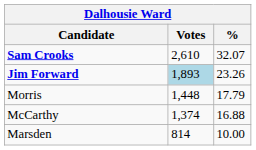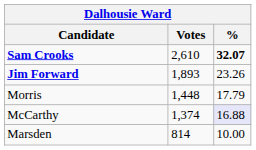 <table class="wikitable">
 <tr>
 <th colspan="3"><a href='#'>Dalhousie Ward</a></th>
 </tr>
 <tr>
 <th style="width: 200px">Candidate</th>
 <th style="width: 50px">Votes</th>
 <th style="width: 40px">%</th>
 </tr>
 <tr>
 <td><strong><a href='#'>Sam Crooks</a></strong></td>
 <td>2,610</td>
-<td>32.07</td>
+<td><strong>32.07</strong></td>
 </tr>
 <tr>
 <td><strong><a href='#'>Jim Forward</a></strong></td>
-<td style="background: lightblue;">1,893</td>
+<td>1,893</td>
 <td>23.26</td>
 </tr>
 <tr>
 <td>Morris</td>
 <td>1,448</td>
 <td>17.79</td>
 </tr>
 <tr>
 <td>McCarthy</td>
 <td>1,374</td>
-<td>16.88</td>
+<td style="background: lavender;">16.88</td>
 </tr>
 <tr>
 <td>Marsden</td>
 <td>814</td>
 <td>10.00</td>
 </tr>
 </table>
